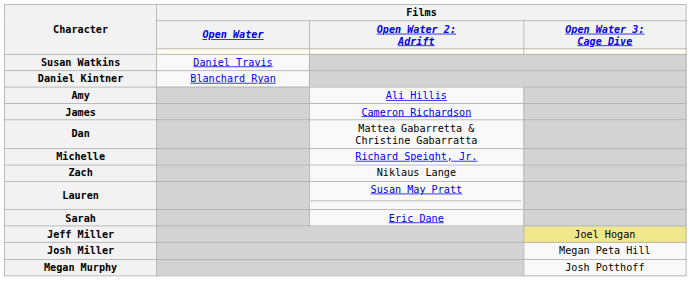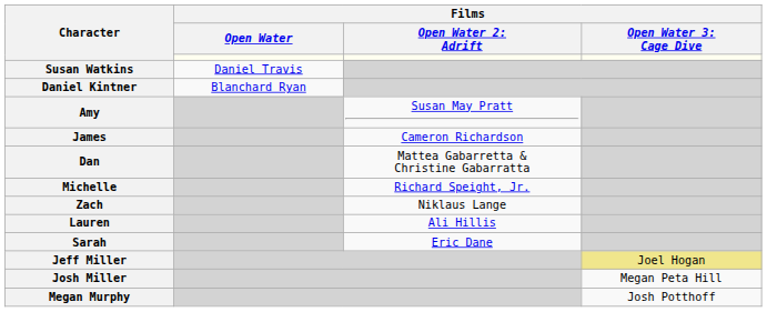 <table class="wikitable" style="text-align:center; width:99%;">
 <tr>
 <th rowspan="3">Character</th>
 <th colspan="4" style="text-align:center;">Films</th>
 </tr>
 <tr>
 <th style="text-align:center;"><em><a href='#'>Open Water</a></em></th>
 <th style="text-align:center;"><em><a href='#'>Open Water 2:<br>Adrift</a></em></th>
 <th style="text-align:center;"><em><a href='#'>Open Water 3:<br>Cage Dive</a></em></th>
 </tr>
 <tr>
 <th style="background:ivory;"></th>
 <th style="background:ivory;"></th>
 <th style="background:ivory;"></th>
 </tr>
 <tr>
 <th>Susan Watkins</th>
 <td><a href='#'>Daniel Travis</a></td>
 <td colspan="2" style="background:lightgrey;"> </td>
 </tr>
 <tr>
 <th>Daniel Kintner</th>
 <td><a href='#'>Blanchard Ryan</a></td>
 <td colspan="2" style="background:lightgrey;"> </td>
 </tr>
 <tr>
 <th>Amy</th>
 <td style="background:lightgrey;"> </td>
-<td><a href='#'>Ali Hillis</a></td>
+<td><a href='#'>Susan May Pratt</a> <hr></td>
 <td style="background:lightgrey;"> </td>
 </tr>
 <tr>
 <th>James</th>
 <td style="background:lightgrey;"> </td>
 <td><a href='#'>Cameron Richardson</a></td>
 <td style="background:lightgrey;"> </td>
 </tr>
 <tr>
 <th>Dan</th>
 <td style="background:lightgrey;"> </td>
 <td>Mattea Gabarretta &<br>Christine Gabarratta</td>
 <td style="background:lightgrey;"> </td>
 </tr>
 <tr>
 <th>Michelle</th>
 <td style="background:lightgrey;"> </td>
 <td><a href='#'>Richard Speight, Jr.</a></td>
 <td style="background:lightgrey;"> </td>
 </tr>
 <tr>
 <th>Zach</th>
 <td style="background:lightgrey;"> </td>
 <td>Niklaus Lange</td>
 <td style="background:lightgrey;"> </td>
 </tr>
 <tr>
 <th>Lauren</th>
 <td style="background:lightgrey;"> </td>
-<td><a href='#'>Susan May Pratt</a> <hr></td>
+<td><a href='#'>Ali Hillis</a></td>
 <td style="background:lightgrey;"> </td>
 </tr>
 <tr>
 <th>Sarah</th>
 <td style="background:lightgrey;"> </td>
 <td><a href='#'>Eric Dane</a></td>
 <td style="background:lightgrey;"> </td>
 </tr>
 <tr>
 <th>Jeff Miller</th>
 <td colspan="2" style="background:lightgrey;"> </td>
 <td style="background: khaki;">Joel Hogan</td>
 </tr>
 <tr>
 <th>Josh Miller</th>
 <td colspan="2" style="background:lightgrey;"> </td>
 <td>Megan Peta Hill</td>
 </tr>
 <tr>
 <th>Megan Murphy</th>
 <td colspan="2" style="background:lightgrey;"> </td>
 <td>Josh Potthoff</td>
 </tr>
 </table>
